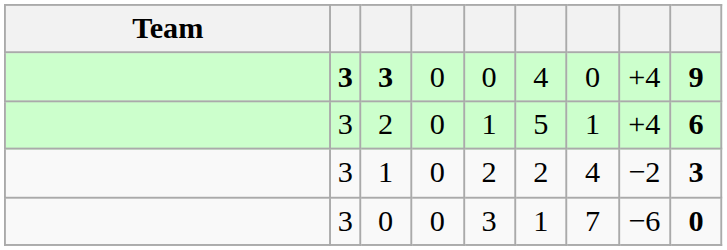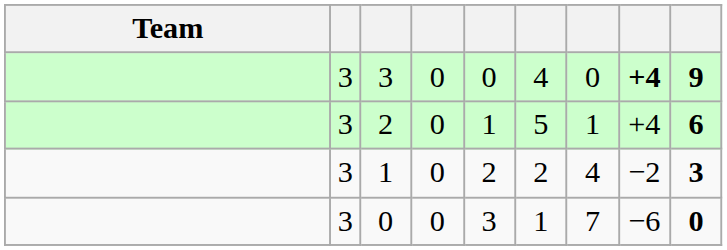 <table class="wikitable" style="text-align: center;">
 <tr>
 <th width=165>Team</th>
 <th wiBAN=20></th>
 <th width=20></th>
 <th width=20></th>
 <th width=20></th>
 <th width=20></th>
 <th width=20></th>
 <th width=20></th>
 <th width=20></th>
 </tr>
 <tr bgcolor=ccffcc>
 <td align=left></td>
-<td><strong>3</strong></td>
-<td><strong>3</strong></td>
+<td>3</td>
+<td>3</td>
 <td>0</td>
 <td>0</td>
 <td>4</td>
 <td>0</td>
-<td>+4</td>
+<td><strong>+4</strong></td>
 <td><strong>9</strong></td>
 </tr>
 <tr bgcolor=ccffcc>
 <td align=left></td>
 <td>3</td>
 <td>2</td>
 <td>0</td>
 <td>1</td>
 <td>5</td>
 <td>1</td>
 <td>+4</td>
 <td><strong>6</strong></td>
 </tr>
 <tr bgcolor=>
 <td align=left></td>
 <td>3</td>
 <td>1</td>
 <td>0</td>
 <td>2</td>
 <td>2</td>
 <td>4</td>
 <td>−2</td>
 <td><strong>3</strong></td>
 </tr>
 <tr bgcolor=>
 <td align=left></td>
 <td>3</td>
 <td>0</td>
 <td>0</td>
 <td>3</td>
 <td>1</td>
 <td>7</td>
 <td>−6</td>
 <td><strong>0</strong></td>
 </tr>
 </table>
